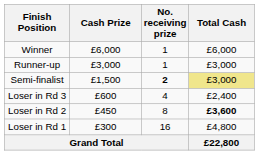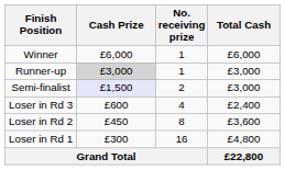 <table class="wikitable" style="text-align:center;">
 <tr>
 <th width=100 abbr="Finish Position">Finish Position</th>
 <th width=110 abbr="Cash Prize">Cash Prize</th>
 <th width=50 abbr="No. receiving prize">No. receiving prize</th>
 <th width=100 abbr="Total Cash">Total Cash</th>
 </tr>
 <tr>
 <td>Winner</td>
 <td>£6,000</td>
 <td>1</td>
 <td>£6,000</td>
 </tr>
 <tr>
 <td>Runner-up</td>
-<td>£3,000</td>
+<td style="background: lightgrey;">£3,000</td>
 <td>1</td>
 <td>£3,000</td>
 </tr>
 <tr>
 <td>Semi-finalist</td>
-<td>£1,500</td>
-<td><strong>2</strong></td>
-<td style="background: khaki;">£3,000</td>
+<td style="background: lavender;">£1,500</td>
+<td>2</td>
+<td>£3,000</td>
 </tr>
 <tr>
 <td>Loser in Rd 3</td>
 <td>£600</td>
 <td>4</td>
 <td>£2,400</td>
 </tr>
 <tr>
 <td>Loser in Rd 2</td>
 <td>£450</td>
 <td>8</td>
-<td><strong>£3,600</strong></td>
+<td>£3,600</td>
 </tr>
 <tr>
 <td>Loser in Rd 1</td>
 <td>£300</td>
 <td>16</td>
 <td>£4,800</td>
 </tr>
 <tr>
 <th colspan="3">Grand Total</th>
 <th>£22,800</th>
 </tr>
 </table>
